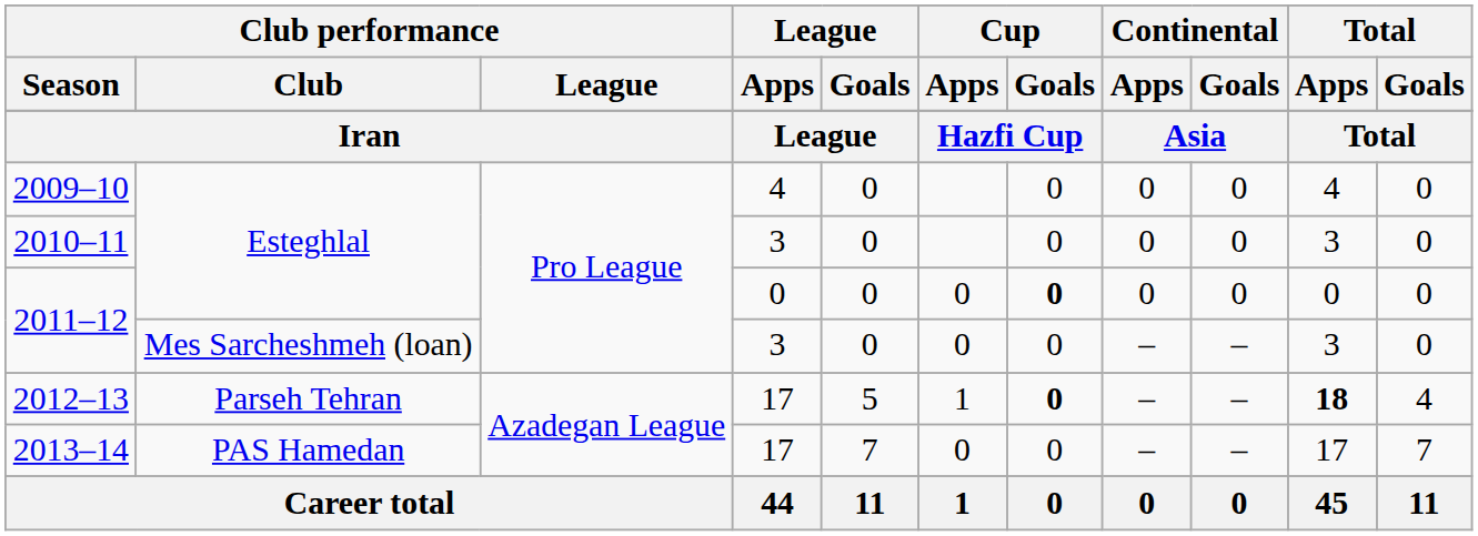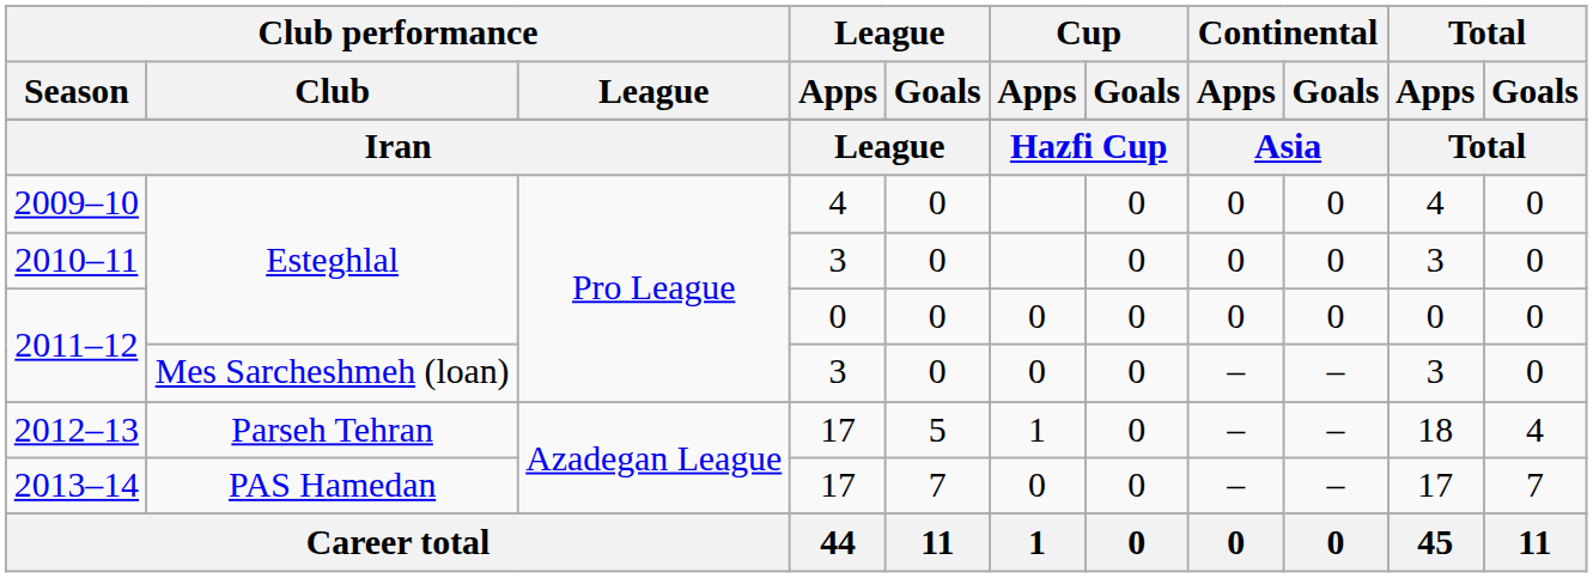 <table class="wikitable" style="text-align:center">
 <tr>
 <th colspan=3>Club performance</th>
 <th colspan=2>League</th>
 <th colspan=2>Cup</th>
 <th colspan=2>Continental</th>
 <th colspan=2>Total</th>
 </tr>
 <tr>
 <th>Season</th>
 <th>Club</th>
 <th>League</th>
 <th>Apps</th>
 <th>Goals</th>
 <th>Apps</th>
 <th>Goals</th>
 <th>Apps</th>
 <th>Goals</th>
 <th>Apps</th>
 <th>Goals</th>
 </tr>
 <tr>
 </tr>
 <tr>
 <th colspan=3>Iran</th>
 <th colspan=2>League</th>
 <th colspan=2><a href='#'>Hazfi Cup</a></th>
 <th colspan=2><a href='#'>Asia</a></th>
 <th colspan=2>Total</th>
 </tr>
 <tr>
 <td><a href='#'>2009–10</a></td>
 <td rowspan="3"><a href='#'>Esteghlal</a></td>
 <td rowspan="4"><a href='#'>Pro League</a></td>
 <td>4</td>
 <td>0</td>
 <td></td>
 <td>0</td>
 <td>0</td>
 <td>0</td>
 <td>4</td>
 <td>0</td>
 </tr>
 <tr>
 <td><a href='#'>2010–11</a></td>
 <td>3</td>
 <td>0</td>
 <td></td>
 <td>0</td>
 <td>0</td>
 <td>0</td>
 <td>3</td>
 <td>0</td>
 </tr>
 <tr>
 <td rowspan="2"><a href='#'>2011–12</a></td>
 <td>0</td>
 <td>0</td>
 <td>0</td>
-<td><strong>0</strong></td>
+<td>0</td>
 <td>0</td>
 <td>0</td>
 <td>0</td>
 <td>0</td>
 </tr>
 <tr>
 <td><a href='#'>Mes Sarcheshmeh</a> (loan)</td>
 <td>3</td>
 <td>0</td>
 <td>0</td>
 <td>0</td>
 <td>–</td>
 <td>–</td>
 <td>3</td>
 <td>0</td>
 </tr>
 <tr>
 <td><a href='#'>2012–13</a></td>
 <td rowspan="1"><a href='#'>Parseh Tehran</a></td>
 <td rowspan="2"><a href='#'>Azadegan League</a></td>
 <td>17</td>
 <td>5</td>
 <td>1</td>
-<td><strong>0</strong></td>
+<td>0</td>
 <td>–</td>
 <td>–</td>
-<td><strong>18</strong></td>
+<td>18</td>
 <td>4</td>
 </tr>
 <tr>
 <td><a href='#'>2013–14</a></td>
 <td rowspan="1"><a href='#'>PAS Hamedan</a></td>
 <td>17</td>
 <td>7</td>
 <td>0</td>
 <td>0</td>
 <td>–</td>
 <td>–</td>
 <td>17</td>
 <td>7</td>
 </tr>
 <tr>
 <th colspan=3>Career total</th>
 <th>44</th>
 <th>11</th>
 <th>1</th>
 <th>0</th>
 <th>0</th>
 <th>0</th>
 <th>45</th>
 <th>11</th>
 </tr>
 </table>
